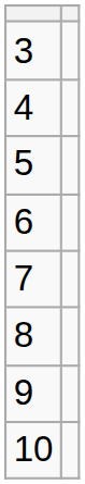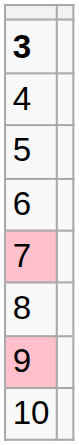 <table class="wikitable floatright">
 <tr>
 <th></th>
 <th></th>
 </tr>
 <tr>
-<td>3</td>
+<td><strong>3</strong></td>
 <td></td>
 </tr>
 <tr>
 <td>4</td>
 <td></td>
 </tr>
 <tr>
 <td>5</td>
 <td></td>
 </tr>
 <tr>
 <td>6</td>
 <td></td>
 </tr>
 <tr>
-<td>7</td>
+<td style="background: pink;">7</td>
 <td></td>
 </tr>
 <tr>
 <td>8</td>
 <td></td>
 </tr>
 <tr>
-<td>9</td>
+<td style="background: pink;">9</td>
 <td></td>
 </tr>
 <tr>
 <td>10</td>
 <td></td>
 </tr>
 </table>
